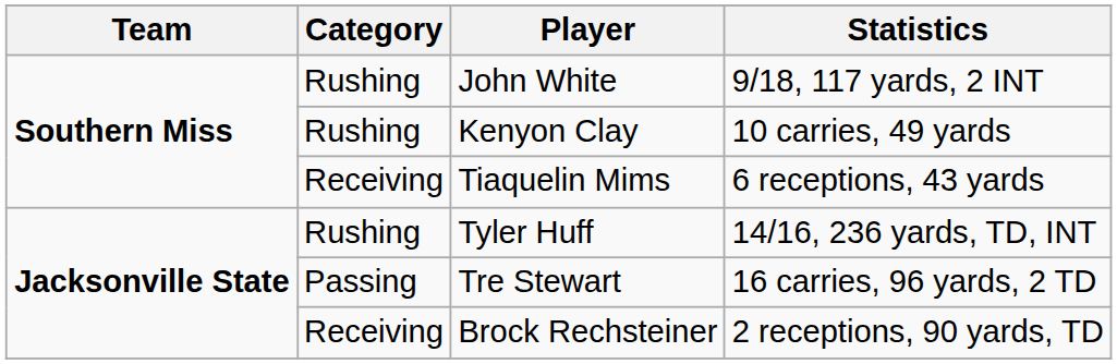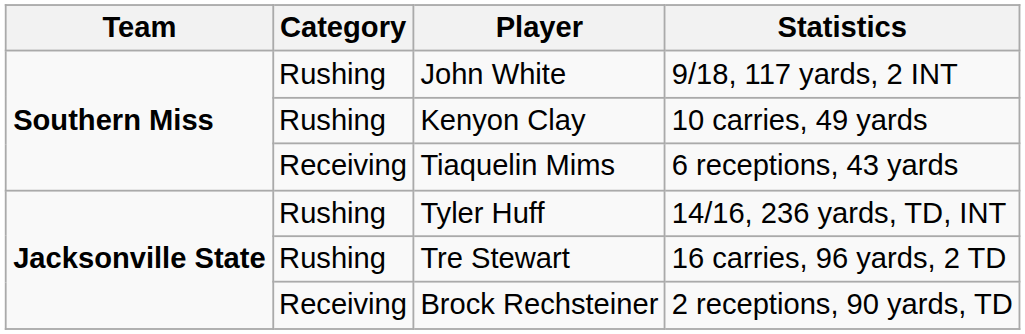 <table class="wikitable" style="float: right;">
 <tr>
 <th>Team</th>
 <th>Category</th>
 <th>Player</th>
 <th>Statistics</th>
 </tr>
 <tr>
 <td rowspan=3><strong>Southern Miss</strong></td>
 <td>Rushing</td>
 <td>John White</td>
 <td>9/18, 117 yards, 2 INT</td>
 </tr>
 <tr>
 <td>Rushing</td>
 <td>Kenyon Clay</td>
 <td>10 carries, 49 yards</td>
 </tr>
 <tr>
 <td>Receiving</td>
 <td>Tiaquelin Mims</td>
 <td>6 receptions, 43 yards</td>
 </tr>
 <tr>
 <td rowspan=3><strong>Jacksonville State</strong></td>
 <td>Rushing</td>
 <td>Tyler Huff</td>
 <td>14/16, 236 yards, TD, INT</td>
 </tr>
 <tr>
-<td>Passing</td>
+<td>Rushing</td>
 <td>Tre Stewart</td>
 <td>16 carries, 96 yards, 2 TD</td>
 </tr>
 <tr>
 <td>Receiving</td>
 <td>Brock Rechsteiner</td>
 <td>2 receptions, 90 yards, TD</td>
 </tr>
 </table>
